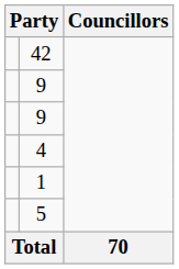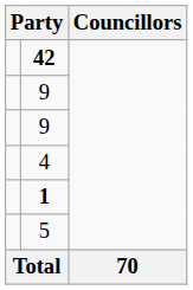 <table class="wikitable">
 <tr>
 <th colspan=2>Party</th>
 <th>Councillors</th>
 </tr>
 <tr>
 <td></td>
-<td align=center>42</td>
+<td align=center><strong>42</strong></td>
 </tr>
 <tr>
 <td></td>
 <td align=center>9</td>
 </tr>
 <tr>
 <td></td>
 <td align=center>9</td>
 </tr>
 <tr>
 <td></td>
 <td align=center>4</td>
 </tr>
 <tr>
 <td></td>
-<td align=center>1</td>
+<td align=center><strong>1</strong></td>
 </tr>
 <tr>
 <td></td>
 <td align=center>5</td>
 </tr>
 <tr>
 <th colspan=2>Total</th>
 <th align=center>70</th>
 </tr>
 </table>
